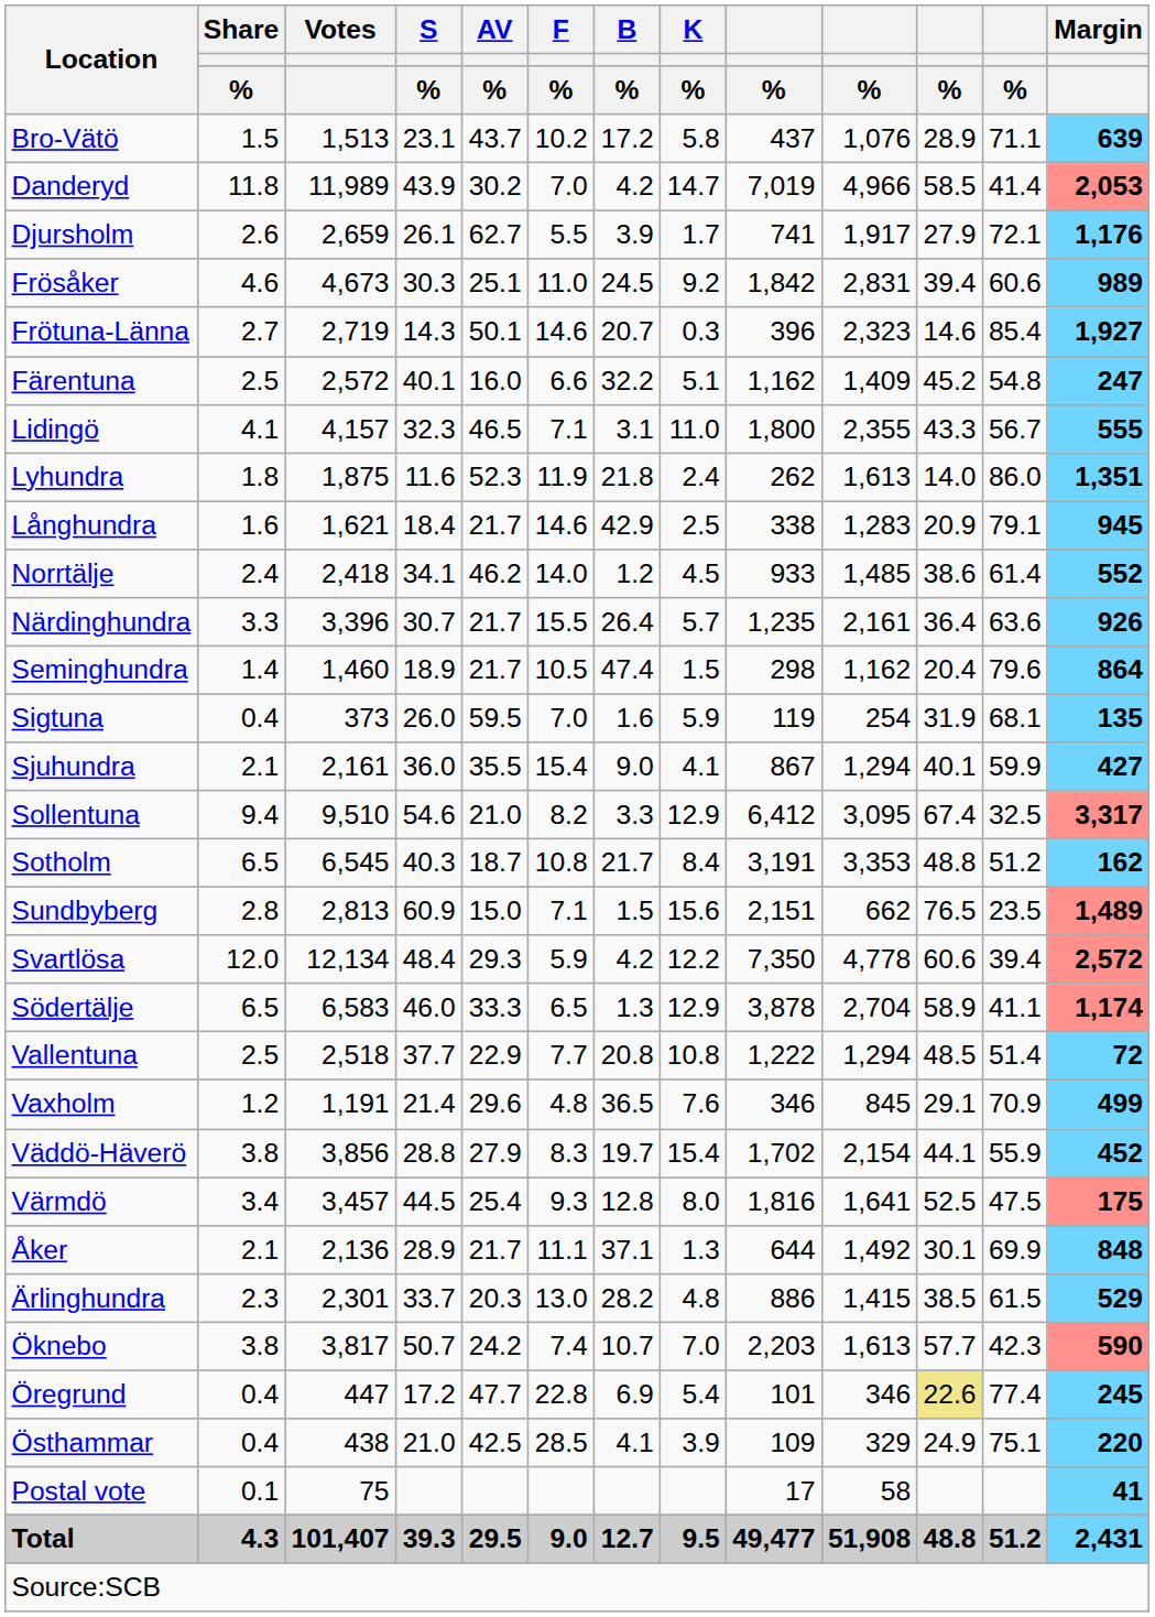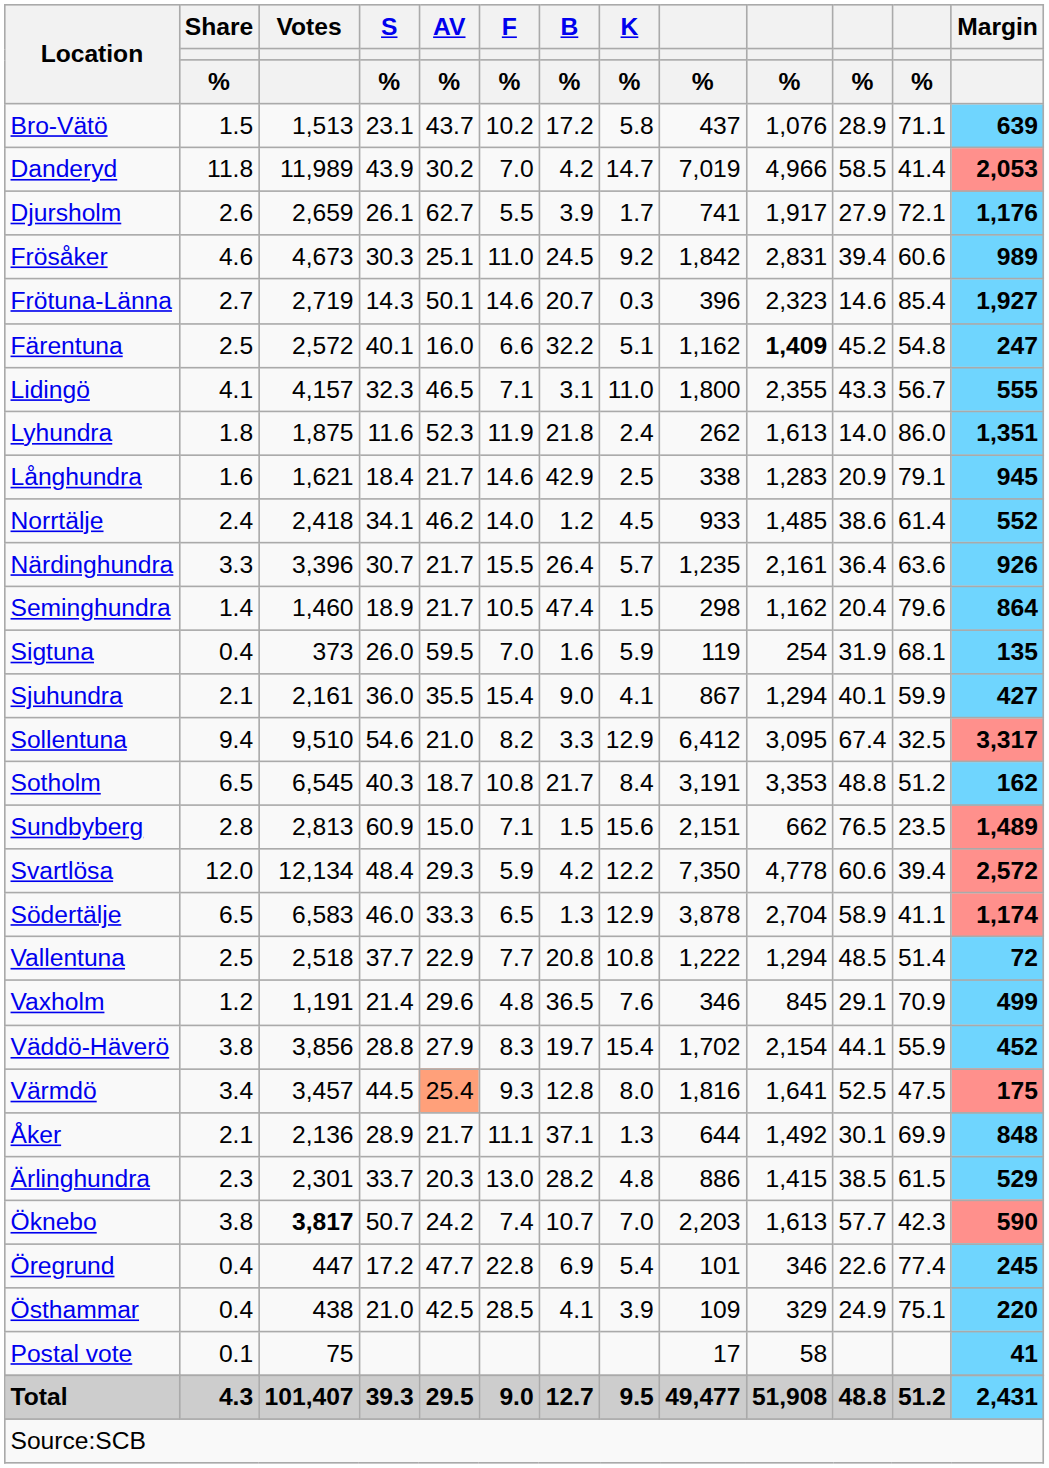 <table class="wikitable sortable" style="text-align:right; font-size:95%; line-height:20px;">
 <tr>
 <th rowspan="3">Location</th>
 <th>Share</th>
 <th>Votes</th>
 <th width="30px" class="unsortable"><a href='#'>S</a></th>
 <th width="30px" class="unsortable"><a href='#'>AV</a></th>
 <th width="30px" class="unsortable"><a href='#'>F</a></th>
 <th width="30px" class="unsortable"><a href='#'>B</a></th>
 <th width="30px" class="unsortable"><a href='#'>K</a></th>
 <th></th>
 <th></th>
 <th></th>
 <th></th>
 <th>Margin</th>
 </tr>
 <tr>
 <th></th>
 <th></th>
 <th style="background:"></th>
 <th style="background:"></th>
 <th style="background:"></th>
 <th style="background:"></th>
 <th style="background:"></th>
 <th style="background:"></th>
 <th style="background:"></th>
 <th style="background:"></th>
 <th style="background:"></th>
 <th></th>
 </tr>
 <tr>
 <th data-sort-type="number">%</th>
 <th></th>
 <th data-sort-type="number">%</th>
 <th data-sort-type="number">%</th>
 <th data-sort-type="number">%</th>
 <th data-sort-type="number">%</th>
 <th data-sort-type="number">%</th>
 <th data-sort-type="number">%</th>
 <th data-sort-type="number">%</th>
 <th data-sort-type="number">%</th>
 <th data-sort-type="number">%</th>
 <th></th>
 </tr>
 <tr>
 <td align=left><a href='#'>Bro-Vätö</a></td>
 <td>1.5</td>
 <td>1,513</td>
 <td>23.1</td>
 <td>43.7</td>
 <td>10.2</td>
 <td>17.2</td>
 <td>5.8</td>
 <td>437</td>
 <td>1,076</td>
 <td>28.9</td>
 <td>71.1</td>
 <td bgcolor=#6fd5fe><strong>639</strong></td>
 </tr>
 <tr>
 <td align=left><a href='#'>Danderyd</a></td>
 <td>11.8</td>
 <td>11,989</td>
 <td>43.9</td>
 <td>30.2</td>
 <td>7.0</td>
 <td>4.2</td>
 <td>14.7</td>
 <td>7,019</td>
 <td>4,966</td>
 <td>58.5</td>
 <td>41.4</td>
 <td bgcolor=#ff908c><strong>2,053</strong></td>
 </tr>
 <tr>
 <td align=left><a href='#'>Djursholm</a></td>
 <td>2.6</td>
 <td>2,659</td>
 <td>26.1</td>
 <td>62.7</td>
 <td>5.5</td>
 <td>3.9</td>
 <td>1.7</td>
 <td>741</td>
 <td>1,917</td>
 <td>27.9</td>
 <td>72.1</td>
 <td bgcolor=#6fd5fe><strong>1,176</strong></td>
 </tr>
 <tr>
 <td align=left><a href='#'>Frösåker</a></td>
 <td>4.6</td>
 <td>4,673</td>
 <td>30.3</td>
 <td>25.1</td>
 <td>11.0</td>
 <td>24.5</td>
 <td>9.2</td>
 <td>1,842</td>
 <td>2,831</td>
 <td>39.4</td>
 <td>60.6</td>
 <td bgcolor=#6fd5fe><strong>989</strong></td>
 </tr>
 <tr>
 <td align=left><a href='#'>Frötuna-Länna</a></td>
 <td>2.7</td>
 <td>2,719</td>
 <td>14.3</td>
 <td>50.1</td>
 <td>14.6</td>
 <td>20.7</td>
 <td>0.3</td>
 <td>396</td>
 <td>2,323</td>
 <td>14.6</td>
 <td>85.4</td>
 <td bgcolor=#6fd5fe><strong>1,927</strong></td>
 </tr>
 <tr>
 <td align=left><a href='#'>Färentuna</a></td>
 <td>2.5</td>
 <td>2,572</td>
 <td>40.1</td>
 <td>16.0</td>
 <td>6.6</td>
 <td>32.2</td>
 <td>5.1</td>
 <td>1,162</td>
-<td>1,409</td>
+<td><strong>1,409</strong></td>
 <td>45.2</td>
 <td>54.8</td>
 <td bgcolor=#6fd5fe><strong>247</strong></td>
 </tr>
 <tr>
 <td align=left><a href='#'>Lidingö</a></td>
 <td>4.1</td>
 <td>4,157</td>
 <td>32.3</td>
 <td>46.5</td>
 <td>7.1</td>
 <td>3.1</td>
 <td>11.0</td>
 <td>1,800</td>
 <td>2,355</td>
 <td>43.3</td>
 <td>56.7</td>
 <td bgcolor=#6fd5fe><strong>555</strong></td>
 </tr>
 <tr>
 <td align=left><a href='#'>Lyhundra</a></td>
 <td>1.8</td>
 <td>1,875</td>
 <td>11.6</td>
 <td>52.3</td>
 <td>11.9</td>
 <td>21.8</td>
 <td>2.4</td>
 <td>262</td>
 <td>1,613</td>
 <td>14.0</td>
 <td>86.0</td>
 <td bgcolor=#6fd5fe><strong>1,351</strong></td>
 </tr>
 <tr>
 <td align=left><a href='#'>Långhundra</a></td>
 <td>1.6</td>
 <td>1,621</td>
 <td>18.4</td>
 <td>21.7</td>
 <td>14.6</td>
 <td>42.9</td>
 <td>2.5</td>
 <td>338</td>
 <td>1,283</td>
 <td>20.9</td>
 <td>79.1</td>
 <td bgcolor=#6fd5fe><strong>945</strong></td>
 </tr>
 <tr>
 <td align=left><a href='#'>Norrtälje</a></td>
 <td>2.4</td>
 <td>2,418</td>
 <td>34.1</td>
 <td>46.2</td>
 <td>14.0</td>
 <td>1.2</td>
 <td>4.5</td>
 <td>933</td>
 <td>1,485</td>
 <td>38.6</td>
 <td>61.4</td>
 <td bgcolor=#6fd5fe><strong>552</strong></td>
 </tr>
 <tr>
 <td align=left><a href='#'>Närdinghundra</a></td>
 <td>3.3</td>
 <td>3,396</td>
 <td>30.7</td>
 <td>21.7</td>
 <td>15.5</td>
 <td>26.4</td>
 <td>5.7</td>
 <td>1,235</td>
 <td>2,161</td>
 <td>36.4</td>
 <td>63.6</td>
 <td bgcolor=#6fd5fe><strong>926</strong></td>
 </tr>
 <tr>
 <td align=left><a href='#'>Seminghundra</a></td>
 <td>1.4</td>
 <td>1,460</td>
 <td>18.9</td>
 <td>21.7</td>
 <td>10.5</td>
 <td>47.4</td>
 <td>1.5</td>
 <td>298</td>
 <td>1,162</td>
 <td>20.4</td>
 <td>79.6</td>
 <td bgcolor=#6fd5fe><strong>864</strong></td>
 </tr>
 <tr>
 <td align=left><a href='#'>Sigtuna</a></td>
 <td>0.4</td>
 <td>373</td>
 <td>26.0</td>
 <td>59.5</td>
 <td>7.0</td>
 <td>1.6</td>
 <td>5.9</td>
 <td>119</td>
 <td>254</td>
 <td>31.9</td>
 <td>68.1</td>
 <td bgcolor=#6fd5fe><strong>135</strong></td>
 </tr>
 <tr>
 <td align=left><a href='#'>Sjuhundra</a></td>
 <td>2.1</td>
 <td>2,161</td>
 <td>36.0</td>
 <td>35.5</td>
 <td>15.4</td>
 <td>9.0</td>
 <td>4.1</td>
 <td>867</td>
 <td>1,294</td>
 <td>40.1</td>
 <td>59.9</td>
 <td bgcolor=#6fd5fe><strong>427</strong></td>
 </tr>
 <tr>
 <td align=left><a href='#'>Sollentuna</a></td>
 <td>9.4</td>
 <td>9,510</td>
 <td>54.6</td>
 <td>21.0</td>
 <td>8.2</td>
 <td>3.3</td>
 <td>12.9</td>
 <td>6,412</td>
 <td>3,095</td>
 <td>67.4</td>
 <td>32.5</td>
 <td bgcolor=#ff908c><strong>3,317</strong></td>
 </tr>
 <tr>
 <td align=left><a href='#'>Sotholm</a></td>
 <td>6.5</td>
 <td>6,545</td>
 <td>40.3</td>
 <td>18.7</td>
 <td>10.8</td>
 <td>21.7</td>
 <td>8.4</td>
 <td>3,191</td>
 <td>3,353</td>
 <td>48.8</td>
 <td>51.2</td>
 <td bgcolor=#6fd5fe><strong>162</strong></td>
 </tr>
 <tr>
 <td align=left><a href='#'>Sundbyberg</a></td>
 <td>2.8</td>
 <td>2,813</td>
 <td>60.9</td>
 <td>15.0</td>
 <td>7.1</td>
 <td>1.5</td>
 <td>15.6</td>
 <td>2,151</td>
 <td>662</td>
 <td>76.5</td>
 <td>23.5</td>
 <td bgcolor=#ff908c><strong>1,489</strong></td>
 </tr>
 <tr>
 <td align=left><a href='#'>Svartlösa</a></td>
 <td>12.0</td>
 <td>12,134</td>
 <td>48.4</td>
 <td>29.3</td>
 <td>5.9</td>
 <td>4.2</td>
 <td>12.2</td>
 <td>7,350</td>
 <td>4,778</td>
 <td>60.6</td>
 <td>39.4</td>
 <td bgcolor=#ff908c><strong>2,572</strong></td>
 </tr>
 <tr>
 <td align=left><a href='#'>Södertälje</a></td>
 <td>6.5</td>
 <td>6,583</td>
 <td>46.0</td>
 <td>33.3</td>
 <td>6.5</td>
 <td>1.3</td>
 <td>12.9</td>
 <td>3,878</td>
 <td>2,704</td>
 <td>58.9</td>
 <td>41.1</td>
 <td bgcolor=#ff908c><strong>1,174</strong></td>
 </tr>
 <tr>
 <td align=left><a href='#'>Vallentuna</a></td>
 <td>2.5</td>
 <td>2,518</td>
 <td>37.7</td>
 <td>22.9</td>
 <td>7.7</td>
 <td>20.8</td>
 <td>10.8</td>
 <td>1,222</td>
 <td>1,294</td>
 <td>48.5</td>
 <td>51.4</td>
 <td bgcolor=#6fd5fe><strong>72</strong></td>
 </tr>
 <tr>
 <td align=left><a href='#'>Vaxholm</a></td>
 <td>1.2</td>
 <td>1,191</td>
 <td>21.4</td>
 <td>29.6</td>
 <td>4.8</td>
 <td>36.5</td>
 <td>7.6</td>
 <td>346</td>
 <td>845</td>
 <td>29.1</td>
 <td>70.9</td>
 <td bgcolor=#6fd5fe><strong>499</strong></td>
 </tr>
 <tr>
 <td align=left><a href='#'>Väddö-Häverö</a></td>
 <td>3.8</td>
 <td>3,856</td>
 <td>28.8</td>
 <td>27.9</td>
 <td>8.3</td>
 <td>19.7</td>
 <td>15.4</td>
 <td>1,702</td>
 <td>2,154</td>
 <td>44.1</td>
 <td>55.9</td>
 <td bgcolor=#6fd5fe><strong>452</strong></td>
 </tr>
 <tr>
 <td align=left><a href='#'>Värmdö</a></td>
 <td>3.4</td>
 <td>3,457</td>
 <td>44.5</td>
-<td>25.4</td>
+<td style="background: lightsalmon;">25.4</td>
 <td>9.3</td>
 <td>12.8</td>
 <td>8.0</td>
 <td>1,816</td>
 <td>1,641</td>
 <td>52.5</td>
 <td>47.5</td>
 <td bgcolor=#ff908c><strong>175</strong></td>
 </tr>
 <tr>
 <td align=left><a href='#'>Åker</a></td>
 <td>2.1</td>
 <td>2,136</td>
 <td>28.9</td>
 <td>21.7</td>
 <td>11.1</td>
 <td>37.1</td>
 <td>1.3</td>
 <td>644</td>
 <td>1,492</td>
 <td>30.1</td>
 <td>69.9</td>
 <td bgcolor=#6fd5fe><strong>848</strong></td>
 </tr>
 <tr>
 <td align=left><a href='#'>Ärlinghundra</a></td>
 <td>2.3</td>
 <td>2,301</td>
 <td>33.7</td>
 <td>20.3</td>
 <td>13.0</td>
 <td>28.2</td>
 <td>4.8</td>
 <td>886</td>
 <td>1,415</td>
 <td>38.5</td>
 <td>61.5</td>
 <td bgcolor=#6fd5fe><strong>529</strong></td>
 </tr>
 <tr>
 <td align=left><a href='#'>Öknebo</a></td>
 <td>3.8</td>
-<td>3,817</td>
+<td><strong>3,817</strong></td>
 <td>50.7</td>
 <td>24.2</td>
 <td>7.4</td>
 <td>10.7</td>
 <td>7.0</td>
 <td>2,203</td>
 <td>1,613</td>
 <td>57.7</td>
 <td>42.3</td>
 <td bgcolor=#ff908c><strong>590</strong></td>
 </tr>
 <tr>
 <td align=left><a href='#'>Öregrund</a></td>
 <td>0.4</td>
 <td>447</td>
 <td>17.2</td>
 <td>47.7</td>
 <td>22.8</td>
 <td>6.9</td>
 <td>5.4</td>
 <td>101</td>
 <td>346</td>
-<td style="background: khaki;">22.6</td>
+<td>22.6</td>
 <td>77.4</td>
 <td bgcolor=#6fd5fe><strong>245</strong></td>
 </tr>
 <tr>
 <td align=left><a href='#'>Östhammar</a></td>
 <td>0.4</td>
 <td>438</td>
 <td>21.0</td>
 <td>42.5</td>
 <td>28.5</td>
 <td>4.1</td>
 <td>3.9</td>
 <td>109</td>
 <td>329</td>
 <td>24.9</td>
 <td>75.1</td>
 <td bgcolor=#6fd5fe><strong>220</strong></td>
 </tr>
 <tr>
 <td align=left><a href='#'>Postal vote</a></td>
 <td>0.1</td>
 <td>75</td>
 <td></td>
 <td></td>
 <td></td>
 <td></td>
 <td></td>
 <td>17</td>
 <td>58</td>
 <td></td>
 <td></td>
 <td bgcolor=#6fd5fe><strong>41</strong></td>
 </tr>
 <tr>
 </tr>
 <tr style="background:#CDCDCD;">
 <td align=left><strong>Total</strong></td>
 <td><strong>4.3</strong></td>
 <td><strong>101,407</strong></td>
 <td><strong>39.3</strong></td>
 <td><strong>29.5</strong></td>
 <td><strong>9.0</strong></td>
 <td><strong>12.7</strong></td>
 <td><strong>9.5</strong></td>
 <td><strong>49,477</strong></td>
 <td><strong>51,908</strong></td>
 <td><strong>48.8</strong></td>
 <td><strong>51.2</strong></td>
 <td bgcolor=#6fd5fe><strong>2,431</strong></td>
 </tr>
 <tr>
 <td align=left colspan=13>Source:SCB </td>
 </tr>
 </table>
